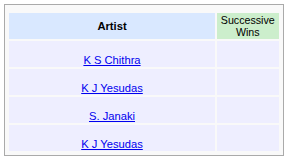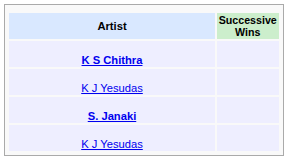 <table class="infobox" style="width: 25em; text-align: center; font-size: 70%; vertical-align: middle;">
 <tr>
 <td colspan="3" style="text-align:center;"></td>
 </tr>
 <tr style="background:#d9e8ff; text-align:center;">
 <th style="vertical-align: middle;">Artist</th>
-<td style="background:#cec; font-size:8pt; width:60px;">Successive Wins</td>
+<td style="background:#cec; font-size:8pt; width:60px;"><strong>Successive Wins</strong></td>
 </tr>
 <tr style="background:#eef;">
-<td style="text-align:center;"><br><a href='#'>K S Chithra</a></td>
+<td style="text-align:center;"><strong><br><a href='#'>K S Chithra</a></strong></td>
 <td></td>
 </tr>
 <tr style="background:#eef;">
 <td style="text-align:center;"><br><a href='#'>K J Yesudas</a></td>
 <td></td>
 </tr>
 <tr style="background:#eef;">
-<td style="text-align:center;"><br><a href='#'>S. Janaki</a></td>
+<td style="text-align:center;"><strong><br><a href='#'>S. Janaki</a></strong></td>
 <td></td>
 </tr>
 <tr style="background:#eef;">
 <td style="text-align:center;"><br><a href='#'>K J Yesudas</a></td>
 <td></td>
 </tr>
 </table>
